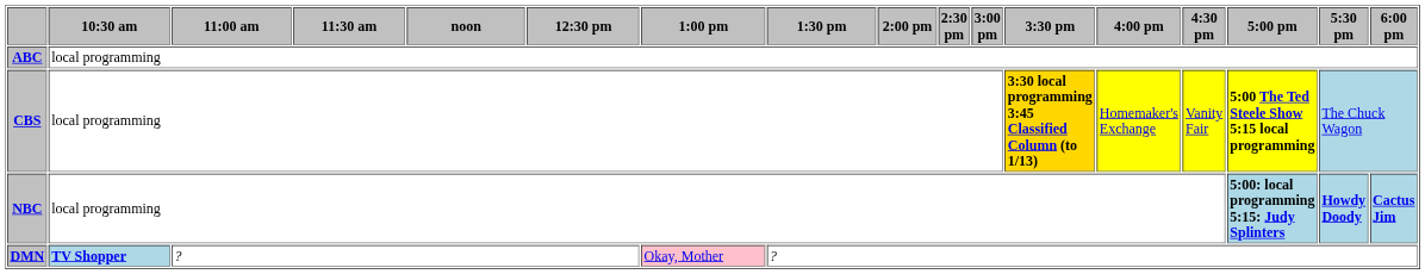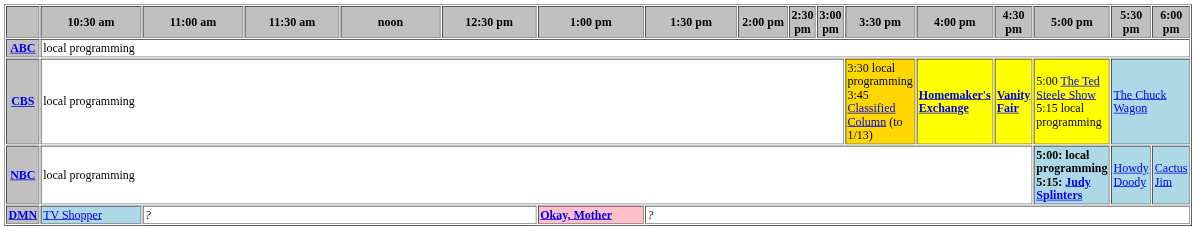 <table border="1" cellpadding="2">
 <tr>
 <th bgcolor="#C0C0C0"> </th>
 <th width="13%" bgcolor="#C0C0C0">10:30 am</th>
 <th width="14%" bgcolor="#C0C0C0">11:00 am</th>
 <th width="13%" bgcolor="#C0C0C0">11:30 am</th>
 <th width="14%" bgcolor="#C0C0C0">noon</th>
 <th width="13%" bgcolor="#C0C0C0">12:30 pm</th>
 <th width="14%" bgcolor="#C0C0C0">1:00 pm</th>
 <th width="13%" bgcolor="#C0C0C0">1:30 pm</th>
 <th width="14%" bgcolor="#C0C0C0">2:00 pm</th>
 <th width="13%" bgcolor="#C0C0C0">2:30 pm</th>
 <th width="14%" bgcolor="#C0C0C0">3:00 pm</th>
 <th width="13%" bgcolor="#C0C0C0">3:30 pm</th>
 <th width="14%" bgcolor="#C0C0C0">4:00 pm</th>
 <th width="13%" bgcolor="#C0C0C0">4:30 pm</th>
 <th width="14%" bgcolor="#C0C0C0">5:00 pm</th>
 <th width="13%" bgcolor="#C0C0C0">5:30 pm</th>
 <th width="14%" bgcolor="#C0C0C0">6:00 pm</th>
 </tr>
 <tr>
 <th bgcolor="#C0C0C0"><a href='#'>ABC</a></th>
 <td bgcolor="white" colspan="16">local programming</td>
 </tr>
 <tr>
 <th bgcolor="#C0C0C0"><a href='#'>CBS</a></th>
 <td bgcolor="white" colspan="10">local programming</td>
-<td bgcolor="gold"><strong>3:30 local programming<br>3:45 <a href='#'>Classified Column</a> (to 1/13)</strong></td>
-<td bgcolor="yellow"><a href='#'>Homemaker's Exchange</a></td>
-<td bgcolor="yellow"><a href='#'>Vanity Fair</a></td>
-<td bgcolor="yellow"><strong>5:00 <a href='#'>The Ted Steele Show</a><br>5:15 local programming</strong></td>
+<td bgcolor="gold">3:30 local programming<br>3:45 <a href='#'>Classified Column</a> (to 1/13)</td>
+<td bgcolor="yellow"><strong><a href='#'>Homemaker's Exchange</a></strong></td>
+<td bgcolor="yellow"><strong><a href='#'>Vanity Fair</a></strong></td>
+<td bgcolor="yellow">5:00 <a href='#'>The Ted Steele Show</a><br>5:15 local programming</td>
 <td bgcolor="lightblue" colspan="2"><a href='#'>The Chuck Wagon</a></td>
 </tr>
 <tr>
 <th bgcolor="#C0C0C0"><a href='#'>NBC</a></th>
 <td bgcolor="white" colspan="13">local programming</td>
 <td bgcolor="lightblue"><strong>5:00: local programming<br>5:15: <a href='#'>Judy Splinters</a></strong></td>
-<td bgcolor="lightblue"><strong><a href='#'>Howdy Doody</a></strong></td>
-<td bgcolor="lightblue"><strong><a href='#'>Cactus Jim</a></strong></td>
+<td bgcolor="lightblue"><a href='#'>Howdy Doody</a></td>
+<td bgcolor="lightblue"><a href='#'>Cactus Jim</a></td>
 </tr>
 <tr>
 <th bgcolor="#C0C0C0"><a href='#'>DMN</a></th>
-<td bgcolor="lightblue"><strong><a href='#'>TV Shopper</a></strong></td>
+<td bgcolor="lightblue"><a href='#'>TV Shopper</a></td>
 <td bgcolor="white" colspan="4"><em>?</em></td>
-<td bgcolor="pink"><a href='#'>Okay, Mother</a></td>
+<td bgcolor="pink"><strong><a href='#'>Okay, Mother</a></strong></td>
 <td bgcolor="white" colspan="10"><em>?</em></td>
 </tr>
 </table>
